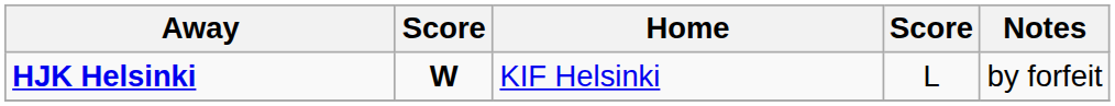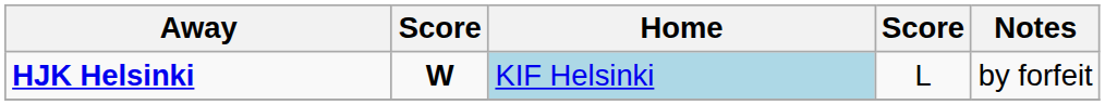 <table class="wikitable">
 <tr>
 <th width="200">Away</th>
 <th width="40">Score</th>
 <th width="200">Home</th>
 <th width="40">Score</th>
 <th>Notes</th>
 </tr>
 <tr>
 <td><strong><a href='#'>HJK Helsinki</a></strong></td>
 <td align=center><strong>W</strong></td>
-<td><a href='#'>KIF Helsinki</a></td>
+<td style="background: lightblue;"><a href='#'>KIF Helsinki</a></td>
 <td align=center>L</td>
 <td>by forfeit</td>
 </tr>
 <tr>
 </tr>
 </table>
